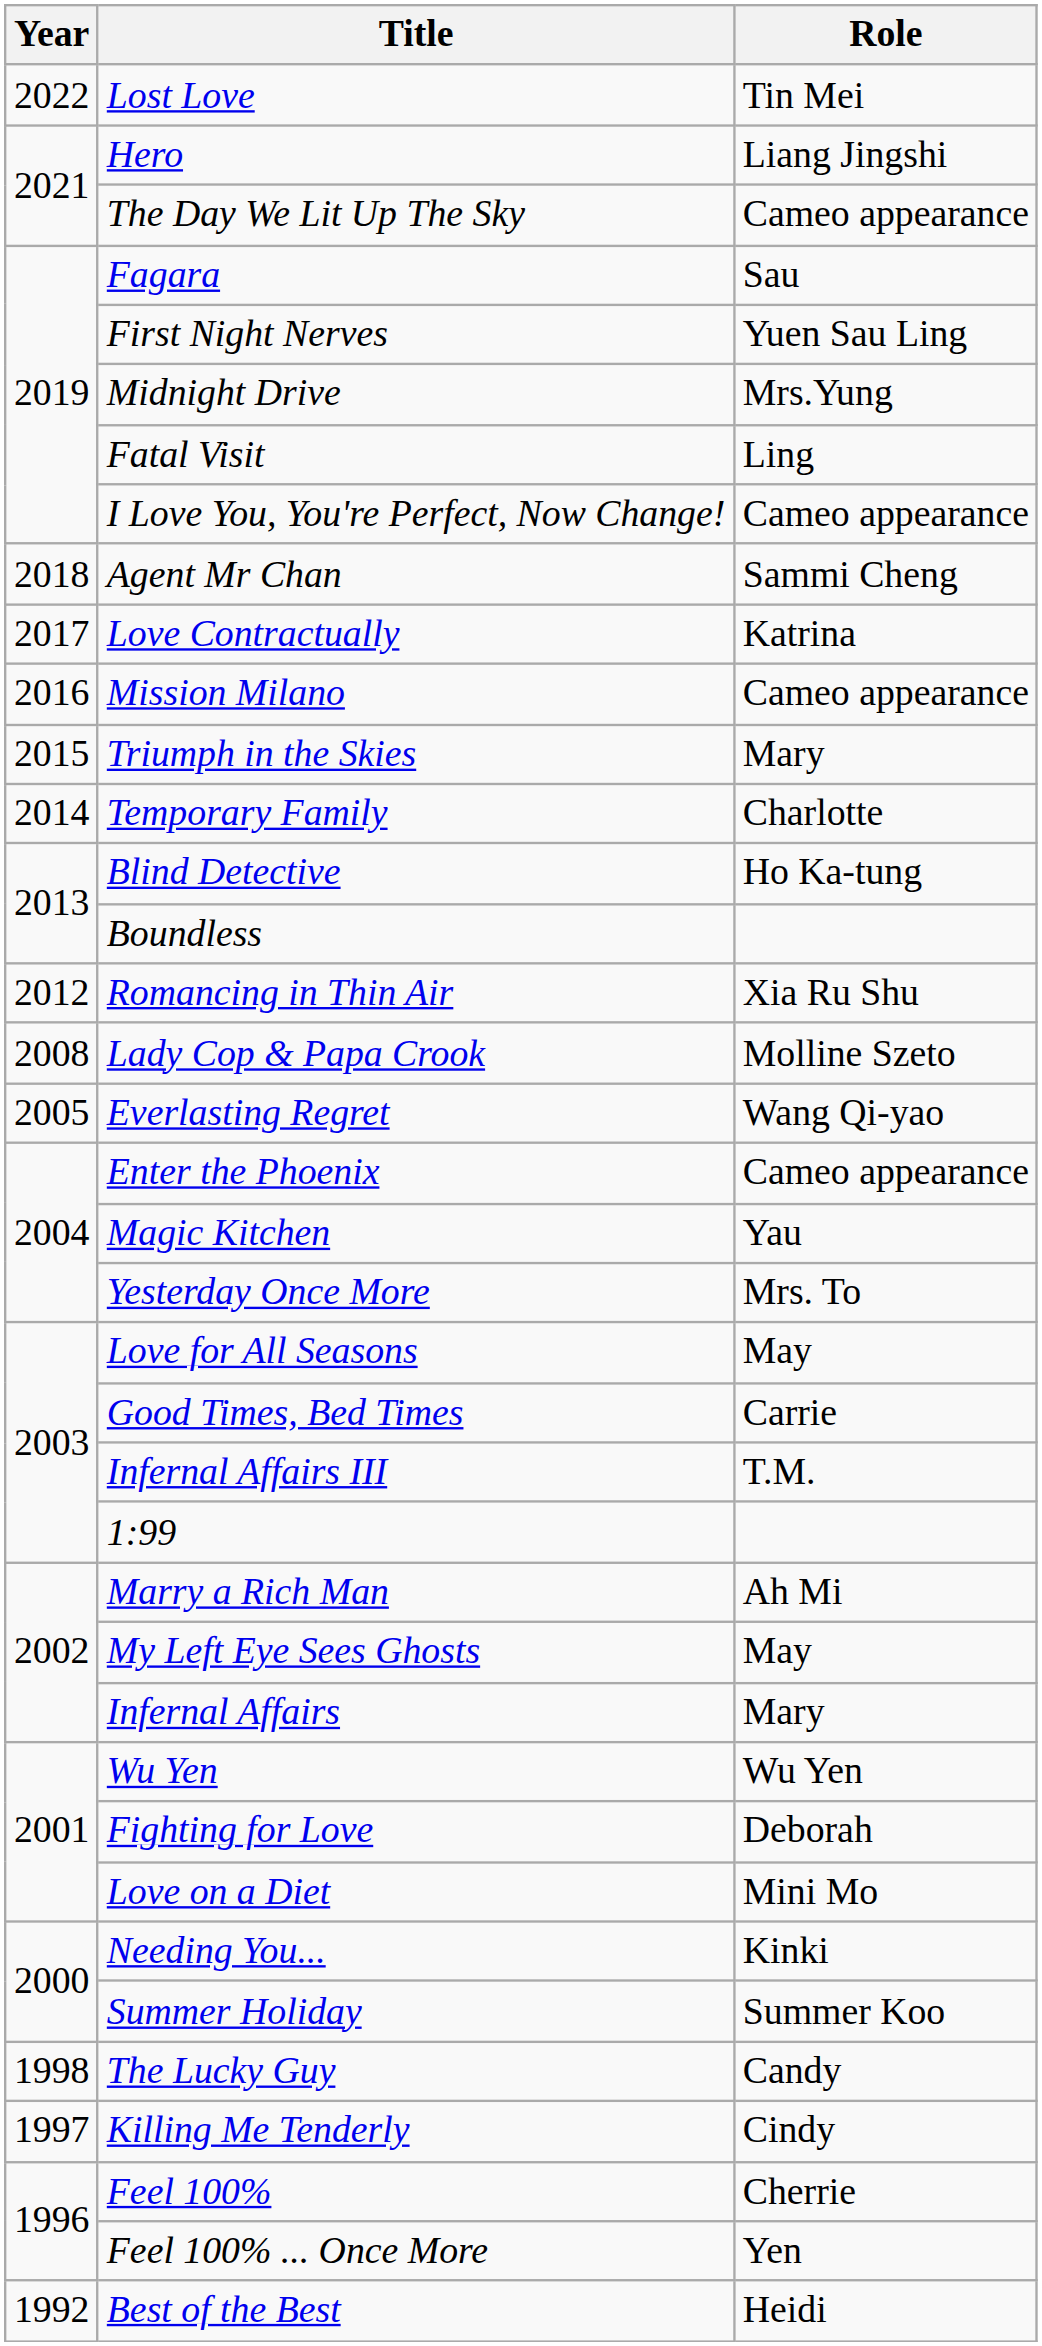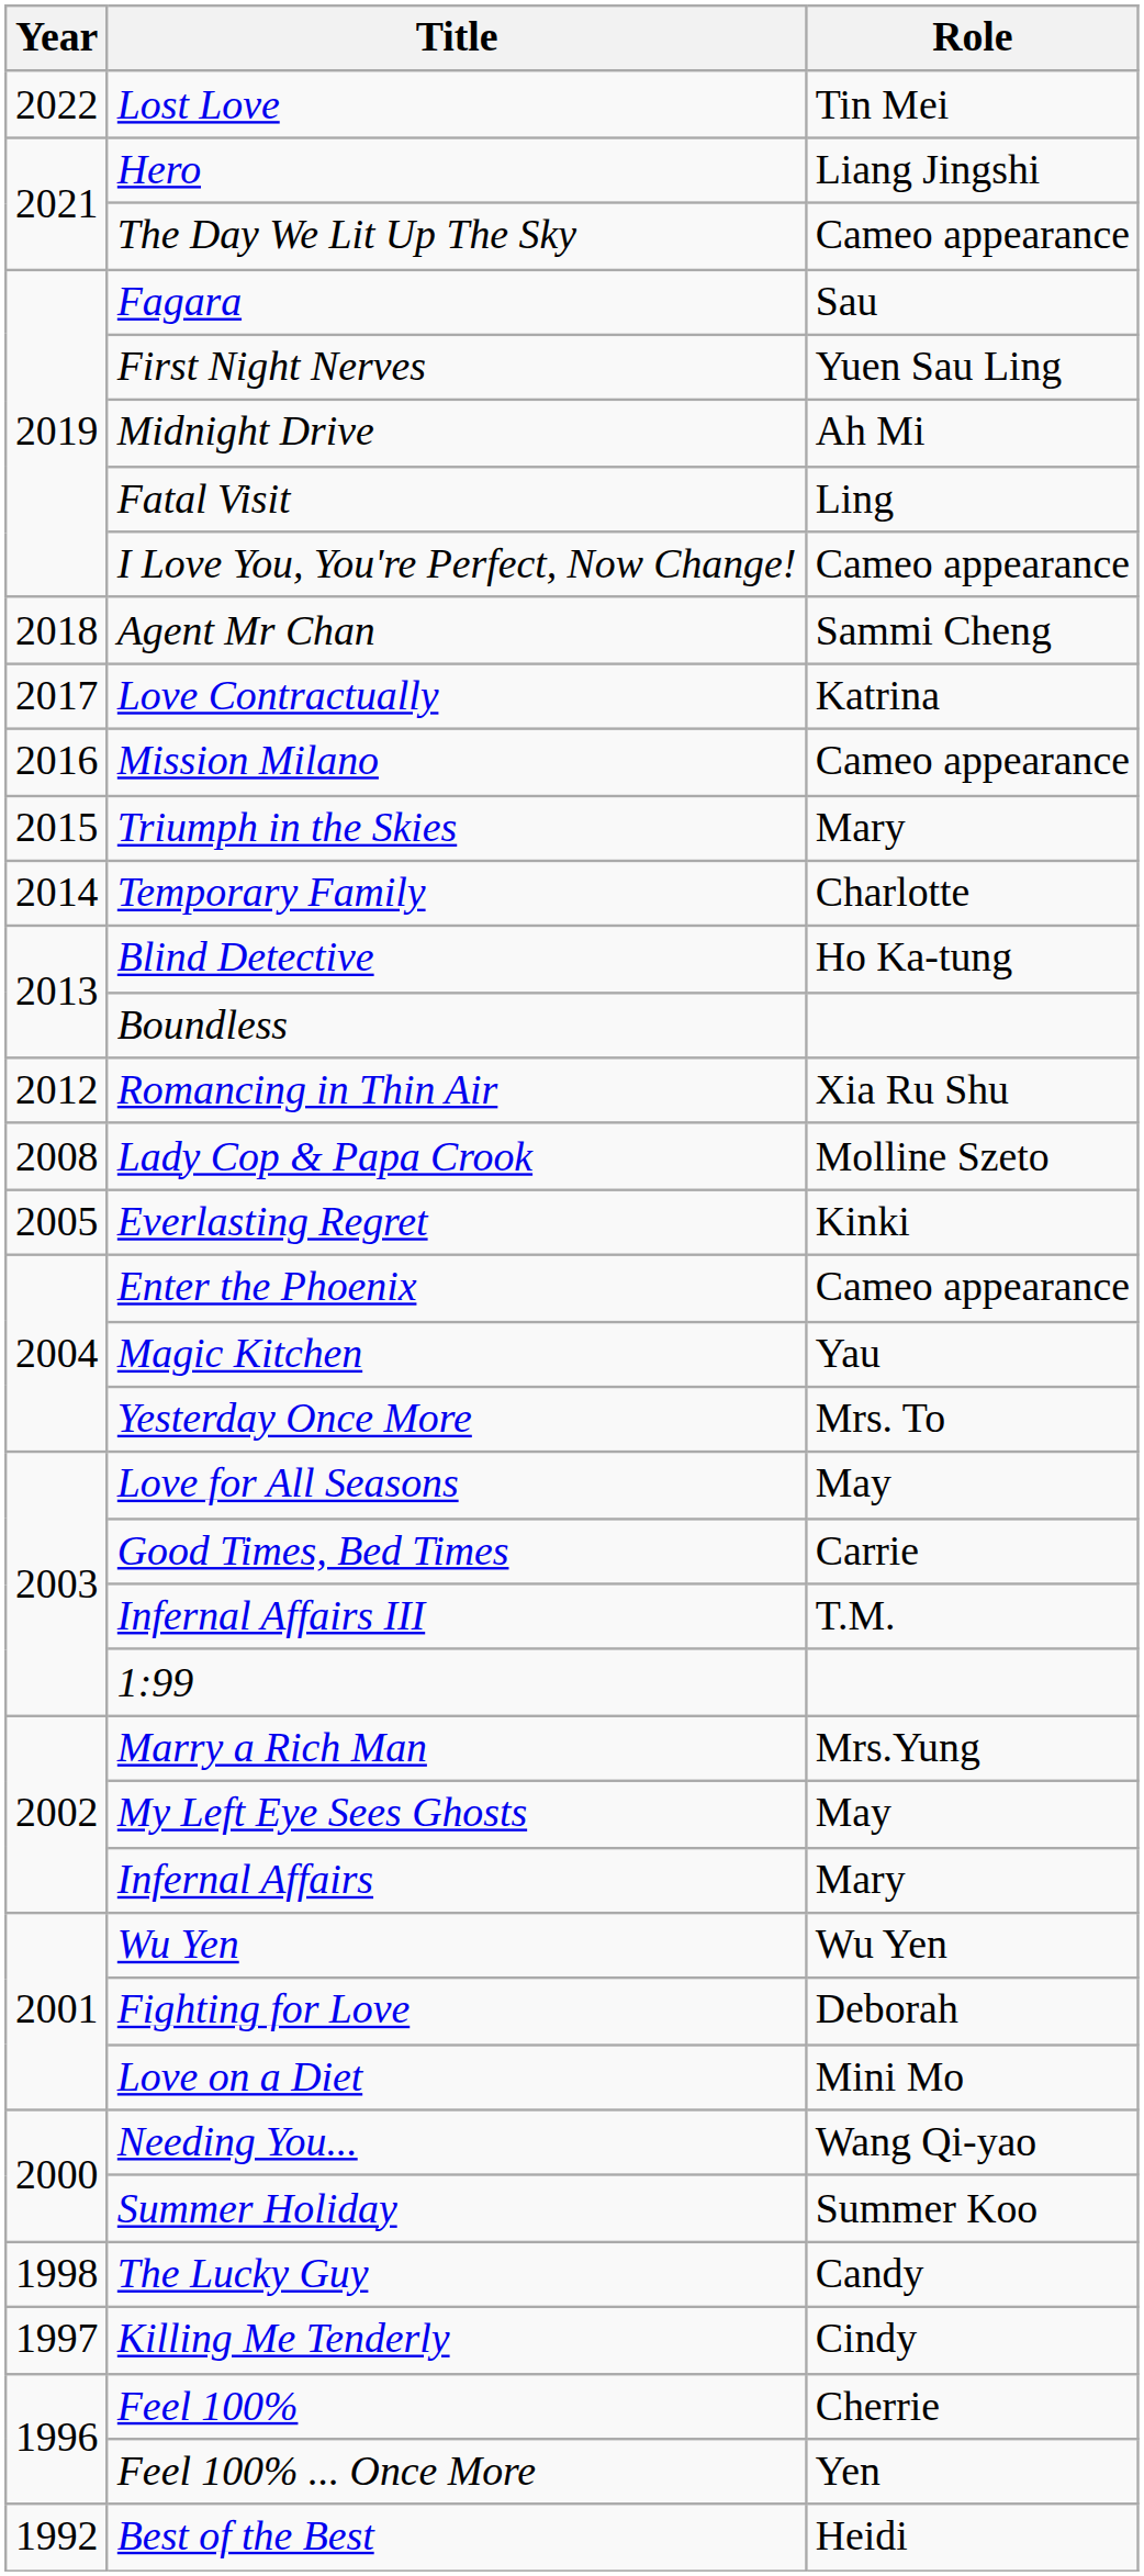 <table class="wikitable sortable">
 <tr>
 <th>Year</th>
 <th>Title</th>
 <th>Role</th>
 </tr>
 <tr>
 <td>2022</td>
 <td><em><a href='#'>Lost Love</a></em></td>
 <td>Tin Mei</td>
 </tr>
 <tr>
 <td rowspan="2">2021</td>
 <td><em><a href='#'>Hero</a></em></td>
 <td>Liang Jingshi</td>
 </tr>
 <tr>
 <td><em>The Day We Lit Up The Sky</em></td>
 <td>Cameo appearance</td>
 </tr>
 <tr>
 <td rowspan="5">2019</td>
 <td><a href='#'><em>Fagara</em></a></td>
 <td>Sau</td>
 </tr>
 <tr>
 <td><em>First Night Nerves</em></td>
 <td>Yuen Sau Ling</td>
 </tr>
 <tr>
 <td><em>Midnight Drive</em></td>
-<td>Mrs.Yung</td>
+<td>Ah Mi</td>
 </tr>
 <tr>
 <td><em>Fatal Visit</em></td>
 <td>Ling</td>
 </tr>
 <tr>
 <td><em>I Love You, You're Perfect, Now Change!</em></td>
 <td>Cameo appearance</td>
 </tr>
 <tr>
 <td>2018</td>
 <td><em>Agent Mr Chan</em></td>
 <td>Sammi Cheng</td>
 </tr>
 <tr>
 <td>2017</td>
 <td><em><a href='#'>Love Contractually</a></em></td>
 <td>Katrina</td>
 </tr>
 <tr>
 <td>2016</td>
 <td><em><a href='#'>Mission Milano</a></em></td>
 <td>Cameo appearance</td>
 </tr>
 <tr>
 <td>2015</td>
 <td><em><a href='#'>Triumph in the Skies</a></em></td>
 <td>Mary</td>
 </tr>
 <tr>
 <td>2014</td>
 <td><em><a href='#'>Temporary Family</a></em></td>
 <td>Charlotte</td>
 </tr>
 <tr>
 <td rowspan="2">2013</td>
 <td><em><a href='#'>Blind Detective</a></em></td>
 <td>Ho Ka-tung</td>
 </tr>
 <tr>
 <td><em>Boundless</em></td>
 <td></td>
 </tr>
 <tr>
 <td>2012</td>
 <td><em><a href='#'>Romancing in Thin Air</a></em></td>
 <td>Xia Ru Shu</td>
 </tr>
 <tr>
 <td>2008</td>
 <td><em><a href='#'>Lady Cop & Papa Crook</a></em></td>
 <td>Molline Szeto</td>
 </tr>
 <tr>
 <td>2005</td>
 <td><em><a href='#'>Everlasting Regret</a></em></td>
-<td>Wang Qi-yao</td>
+<td>Kinki</td>
 </tr>
 <tr>
 <td rowspan="3">2004</td>
 <td><em><a href='#'>Enter the Phoenix</a></em></td>
 <td>Cameo appearance</td>
 </tr>
 <tr>
 <td><em><a href='#'>Magic Kitchen</a></em></td>
 <td>Yau</td>
 </tr>
 <tr>
 <td><em><a href='#'>Yesterday Once More</a></em></td>
 <td>Mrs. To</td>
 </tr>
 <tr>
 <td rowspan="4">2003</td>
 <td><em><a href='#'>Love for All Seasons</a></em></td>
 <td>May</td>
 </tr>
 <tr>
 <td><em><a href='#'>Good Times, Bed Times</a></em></td>
 <td>Carrie</td>
 </tr>
 <tr>
 <td><em><a href='#'>Infernal Affairs III</a></em></td>
 <td>T.M.</td>
 </tr>
 <tr>
 <td><em>1:99</em></td>
 <td></td>
 </tr>
 <tr>
 <td rowspan="3">2002</td>
 <td><em><a href='#'>Marry a Rich Man</a></em></td>
-<td>Ah Mi</td>
+<td>Mrs.Yung</td>
 </tr>
 <tr>
 <td><em><a href='#'>My Left Eye Sees Ghosts</a></em></td>
 <td>May</td>
 </tr>
 <tr>
 <td><em><a href='#'>Infernal Affairs</a></em></td>
 <td>Mary</td>
 </tr>
 <tr>
 <td rowspan="3">2001</td>
 <td><em><a href='#'>Wu Yen</a></em></td>
 <td>Wu Yen</td>
 </tr>
 <tr>
 <td><em><a href='#'>Fighting for Love</a></em></td>
 <td>Deborah</td>
 </tr>
 <tr>
 <td><em><a href='#'>Love on a Diet</a></em></td>
 <td>Mini Mo</td>
 </tr>
 <tr>
 <td rowspan="2">2000</td>
 <td><em><a href='#'>Needing You...</a></em></td>
-<td>Kinki</td>
+<td>Wang Qi-yao</td>
 </tr>
 <tr>
 <td><em><a href='#'>Summer Holiday</a></em></td>
 <td>Summer Koo</td>
 </tr>
 <tr>
 <td>1998</td>
 <td><em><a href='#'>The Lucky Guy</a></em></td>
 <td>Candy</td>
 </tr>
 <tr>
 <td>1997</td>
 <td><em><a href='#'>Killing Me Tenderly</a></em></td>
 <td>Cindy</td>
 </tr>
 <tr>
 <td rowspan="2">1996</td>
 <td><em><a href='#'>Feel 100%</a></em></td>
 <td>Cherrie</td>
 </tr>
 <tr>
 <td><em>Feel 100% ... Once More</em></td>
 <td>Yen</td>
 </tr>
 <tr>
 <td>1992</td>
 <td><em><a href='#'>Best of the Best</a></em></td>
 <td>Heidi</td>
 </tr>
 </table>
